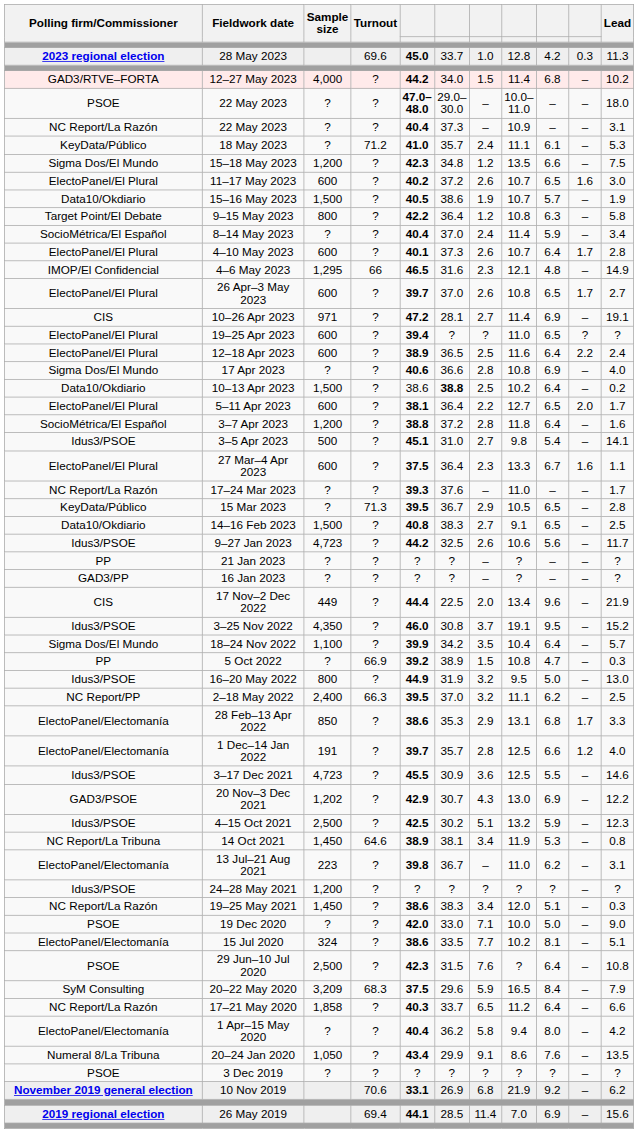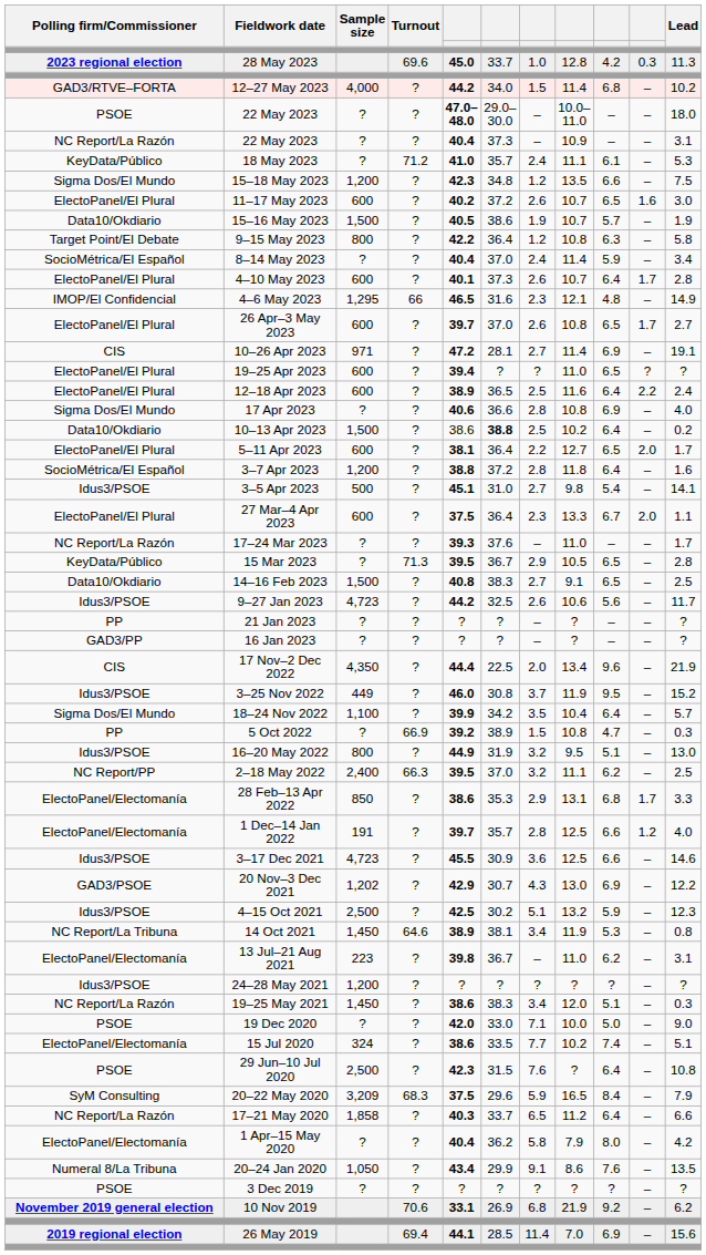 <table class="wikitable collapsible collapsed" style="text-align:center; font-size:95%; line-height:16px;">
 <tr style="height:42px;">
 <th style="width:250px;" rowspan="2">Polling firm/Commissioner</th>
 <th style="width:125px;" rowspan="2">Fieldwork date</th>
 <th style="width:50px;" rowspan="2">Sample size</th>
 <th style="width:45px;" rowspan="2">Turnout</th>
 <th style="width:35px;"></th>
 <th style="width:35px;"></th>
 <th style="width:35px;"></th>
 <th style="width:35px;"></th>
 <th style="width:35px;"></th>
 <th style="width:35px;"></th>
 <th style="width:30px;" rowspan="2">Lead</th>
 </tr>
 <tr>
 <th style="color:inherit;background:"></th>
 <th style="color:inherit;background:"></th>
 <th style="color:inherit;background:"></th>
 <th style="color:inherit;background:"></th>
 <th style="color:inherit;background:"></th>
 <th style="color:inherit;background:"></th>
 </tr>
 <tr>
 <td colspan="11" style="background:#A0A0A0"></td>
 </tr>
 <tr style="background:#EFEFEF;">
 <td><strong><a href='#'>2023 regional election</a></strong></td>
 <td>28 May 2023</td>
 <td></td>
 <td>69.6</td>
 <td><strong>45.0</strong><br></td>
 <td>33.7<br></td>
 <td>1.0<br></td>
 <td>12.8<br></td>
 <td>4.2<br></td>
 <td>0.3<br></td>
 <td style="background:">11.3</td>
 </tr>
 <tr>
 <td colspan="11" style="background:#A0A0A0"></td>
 </tr>
 <tr style="background:#FFEAEA;">
 <td>GAD3/RTVE–FORTA</td>
 <td>12–27 May 2023</td>
 <td>4,000</td>
 <td>?</td>
 <td><strong>44.2</strong><br></td>
 <td>34.0<br></td>
 <td>1.5<br></td>
 <td>11.4<br></td>
 <td>6.8<br></td>
 <td>–</td>
 <td style="background:">10.2</td>
 </tr>
 <tr>
 <td>PSOE</td>
 <td>22 May 2023</td>
 <td>?</td>
 <td>?</td>
 <td><strong>47.0–<br>48.0</strong><br></td>
 <td>29.0–<br>30.0<br></td>
 <td>–</td>
 <td>10.0–<br>11.0<br></td>
 <td>–</td>
 <td>–</td>
 <td style="background:">18.0</td>
 </tr>
 <tr>
 <td>NC Report/La Razón</td>
 <td>22 May 2023</td>
 <td>?</td>
 <td>?</td>
 <td><strong>40.4</strong><br></td>
 <td>37.3<br></td>
 <td>–</td>
 <td>10.9<br></td>
 <td>–</td>
 <td>–</td>
 <td style="background:">3.1</td>
 </tr>
 <tr>
 <td>KeyData/Público</td>
 <td>18 May 2023</td>
 <td>?</td>
 <td>71.2</td>
 <td><strong>41.0</strong><br></td>
 <td>35.7<br></td>
 <td>2.4<br></td>
 <td>11.1<br></td>
 <td>6.1<br></td>
 <td>–</td>
 <td style="background:">5.3</td>
 </tr>
 <tr>
 <td>Sigma Dos/El Mundo</td>
 <td>15–18 May 2023</td>
 <td>1,200</td>
 <td>?</td>
 <td><strong>42.3</strong><br></td>
 <td>34.8<br></td>
 <td>1.2<br></td>
 <td>13.5<br></td>
 <td>6.6<br></td>
 <td>–</td>
 <td style="background:">7.5</td>
 </tr>
 <tr>
 <td>ElectoPanel/El Plural</td>
 <td>11–17 May 2023</td>
 <td>600</td>
 <td>?</td>
 <td><strong>40.2</strong><br></td>
 <td>37.2<br></td>
 <td>2.6<br></td>
 <td>10.7<br></td>
 <td>6.5<br></td>
 <td>1.6<br></td>
 <td style="background:">3.0</td>
 </tr>
 <tr>
 <td>Data10/Okdiario</td>
 <td>15–16 May 2023</td>
 <td>1,500</td>
 <td>?</td>
 <td><strong>40.5</strong><br></td>
 <td>38.6<br></td>
 <td>1.9<br></td>
 <td>10.7<br></td>
 <td>5.7<br></td>
 <td>–</td>
 <td style="background:">1.9</td>
 </tr>
 <tr>
 <td>Target Point/El Debate</td>
 <td>9–15 May 2023</td>
 <td>800</td>
 <td>?</td>
 <td><strong>42.2</strong><br></td>
 <td>36.4<br></td>
 <td>1.2<br></td>
 <td>10.8<br></td>
 <td>6.3<br></td>
 <td>–</td>
 <td style="background:">5.8</td>
 </tr>
 <tr>
 <td>SocioMétrica/El Español</td>
 <td>8–14 May 2023</td>
 <td>?</td>
 <td>?</td>
 <td><strong>40.4</strong><br></td>
 <td>37.0<br></td>
 <td>2.4<br></td>
 <td>11.4<br></td>
 <td>5.9<br></td>
 <td>–</td>
 <td style="background:">3.4</td>
 </tr>
 <tr>
 <td>ElectoPanel/El Plural</td>
 <td>4–10 May 2023</td>
 <td>600</td>
 <td>?</td>
 <td><strong>40.1</strong><br></td>
 <td>37.3<br></td>
 <td>2.6<br></td>
 <td>10.7<br></td>
 <td>6.4<br></td>
 <td>1.7<br></td>
 <td style="background:">2.8</td>
 </tr>
 <tr>
 <td>IMOP/El Confidencial</td>
 <td>4–6 May 2023</td>
 <td>1,295</td>
 <td>66</td>
 <td><strong>46.5</strong><br></td>
 <td>31.6<br></td>
 <td>2.3<br></td>
 <td>12.1<br></td>
 <td>4.8<br></td>
 <td>–</td>
 <td style="background:">14.9</td>
 </tr>
 <tr>
 <td>ElectoPanel/El Plural</td>
 <td>26 Apr–3 May 2023</td>
 <td>600</td>
 <td>?</td>
 <td><strong>39.7</strong><br></td>
 <td>37.0<br></td>
 <td>2.6<br></td>
 <td>10.8<br></td>
 <td>6.5<br></td>
 <td>1.7<br></td>
 <td style="background:">2.7</td>
 </tr>
 <tr>
 <td>CIS</td>
 <td>10–26 Apr 2023</td>
 <td>971</td>
 <td>?</td>
 <td><strong>47.2</strong><br></td>
 <td>28.1<br></td>
 <td>2.7<br></td>
 <td>11.4<br></td>
 <td>6.9<br></td>
 <td>–</td>
 <td style="background:">19.1</td>
 </tr>
 <tr>
 <td>ElectoPanel/El Plural</td>
 <td>19–25 Apr 2023</td>
 <td>600</td>
 <td>?</td>
 <td><strong>39.4</strong><br></td>
 <td>?<br></td>
 <td>?<br></td>
 <td>11.0<br></td>
 <td>6.5<br></td>
 <td>?<br></td>
 <td style="background:">?</td>
 </tr>
 <tr>
 <td>ElectoPanel/El Plural</td>
 <td>12–18 Apr 2023</td>
 <td>600</td>
 <td>?</td>
 <td><strong>38.9</strong><br></td>
 <td>36.5<br></td>
 <td>2.5<br></td>
 <td>11.6<br></td>
 <td>6.4<br></td>
 <td>2.2<br></td>
 <td style="background:">2.4</td>
 </tr>
 <tr>
 <td>Sigma Dos/El Mundo</td>
 <td>17 Apr 2023</td>
 <td>?</td>
 <td>?</td>
 <td><strong>40.6</strong><br></td>
 <td>36.6<br></td>
 <td>2.8<br></td>
 <td>10.8<br></td>
 <td>6.9<br></td>
 <td>–</td>
 <td style="background:">4.0</td>
 </tr>
 <tr>
 <td>Data10/Okdiario</td>
 <td>10–13 Apr 2023</td>
 <td>1,500</td>
 <td>?</td>
 <td>38.6<br></td>
 <td><strong>38.8</strong><br></td>
 <td>2.5<br></td>
 <td>10.2<br></td>
 <td>6.4<br></td>
 <td>–</td>
 <td style="background:">0.2</td>
 </tr>
 <tr>
 <td>ElectoPanel/El Plural</td>
 <td>5–11 Apr 2023</td>
 <td>600</td>
 <td>?</td>
 <td><strong>38.1</strong><br></td>
 <td>36.4<br></td>
 <td>2.2<br></td>
 <td>12.7<br></td>
 <td>6.5<br></td>
 <td>2.0<br></td>
 <td style="background:">1.7</td>
 </tr>
 <tr>
 <td>SocioMétrica/El Español</td>
 <td>3–7 Apr 2023</td>
 <td>1,200</td>
 <td>?</td>
 <td><strong>38.8</strong><br></td>
 <td>37.2<br></td>
 <td>2.8<br></td>
 <td>11.8<br></td>
 <td>6.4<br></td>
 <td>–</td>
 <td style="background:">1.6</td>
 </tr>
 <tr>
 <td>Idus3/PSOE</td>
 <td>3–5 Apr 2023</td>
 <td>500</td>
 <td>?</td>
 <td><strong>45.1</strong><br></td>
 <td>31.0<br></td>
 <td>2.7<br></td>
 <td>9.8<br></td>
 <td>5.4<br></td>
 <td>–</td>
 <td style="background:">14.1</td>
 </tr>
 <tr>
 <td>ElectoPanel/El Plural</td>
 <td>27 Mar–4 Apr 2023</td>
 <td>600</td>
 <td>?</td>
 <td><strong>37.5</strong><br></td>
 <td>36.4<br></td>
 <td>2.3<br></td>
 <td>13.3<br></td>
 <td>6.7<br></td>
-<td>1.6<br></td>
+<td>2.0<br></td>
 <td style="background:">1.1</td>
 </tr>
 <tr>
 <td>NC Report/La Razón</td>
 <td>17–24 Mar 2023</td>
 <td>?</td>
 <td>?</td>
 <td><strong>39.3</strong><br></td>
 <td>37.6<br></td>
 <td>–</td>
 <td>11.0<br></td>
 <td>–</td>
 <td>–</td>
 <td style="background:">1.7</td>
 </tr>
 <tr>
 <td>KeyData/Público</td>
 <td>15 Mar 2023</td>
 <td>?</td>
 <td>71.3</td>
 <td><strong>39.5</strong><br></td>
 <td>36.7<br></td>
 <td>2.9<br></td>
 <td>10.5<br></td>
 <td>6.5<br></td>
 <td>–</td>
 <td style="background:">2.8</td>
 </tr>
 <tr>
 <td>Data10/Okdiario</td>
 <td>14–16 Feb 2023</td>
 <td>1,500</td>
 <td>?</td>
 <td><strong>40.8</strong><br></td>
 <td>38.3<br></td>
 <td>2.7<br></td>
 <td>9.1<br></td>
 <td>6.5<br></td>
 <td>–</td>
 <td style="background:">2.5</td>
 </tr>
 <tr>
 <td>Idus3/PSOE</td>
 <td>9–27 Jan 2023</td>
 <td>4,723</td>
 <td>?</td>
 <td><strong>44.2</strong><br></td>
 <td>32.5<br></td>
 <td>2.6<br></td>
 <td>10.6<br></td>
 <td>5.6<br></td>
 <td>–</td>
 <td style="background:">11.7</td>
 </tr>
 <tr>
 <td>PP</td>
 <td>21 Jan 2023</td>
 <td>?</td>
 <td>?</td>
 <td>?<br></td>
 <td>?<br></td>
 <td>–</td>
 <td>?<br></td>
 <td>–</td>
 <td>–</td>
 <td style="background:">?</td>
 </tr>
 <tr>
 <td>GAD3/PP</td>
 <td>16 Jan 2023</td>
 <td>?</td>
 <td>?</td>
 <td>?<br></td>
 <td>?<br></td>
 <td>–</td>
 <td>?<br></td>
 <td>–</td>
 <td>–</td>
 <td style="background:">?</td>
 </tr>
 <tr>
 <td>CIS</td>
 <td>17 Nov–2 Dec 2022</td>
-<td>449</td>
+<td>4,350</td>
 <td>?</td>
 <td><strong>44.4</strong><br></td>
 <td>22.5<br></td>
 <td>2.0<br></td>
 <td>13.4<br></td>
 <td>9.6<br></td>
 <td>–</td>
 <td style="background:">21.9</td>
 </tr>
 <tr>
 <td>Idus3/PSOE</td>
 <td>3–25 Nov 2022</td>
-<td>4,350</td>
+<td>449</td>
 <td>?</td>
 <td><strong>46.0</strong><br></td>
 <td>30.8<br></td>
 <td>3.7<br></td>
-<td>19.1<br></td>
+<td>11.9<br></td>
 <td>9.5<br></td>
 <td>–</td>
 <td style="background:">15.2</td>
 </tr>
 <tr>
 <td>Sigma Dos/El Mundo</td>
 <td>18–24 Nov 2022</td>
 <td>1,100</td>
 <td>?</td>
 <td><strong>39.9</strong><br></td>
 <td>34.2<br></td>
 <td>3.5<br></td>
 <td>10.4<br></td>
 <td>6.4<br></td>
 <td>–</td>
 <td style="background:">5.7</td>
 </tr>
 <tr>
 <td>PP</td>
 <td>5 Oct 2022</td>
 <td>?</td>
 <td>66.9</td>
 <td><strong>39.2</strong><br></td>
 <td>38.9<br></td>
 <td>1.5<br></td>
 <td>10.8<br></td>
 <td>4.7<br></td>
 <td>–</td>
 <td style="background:">0.3</td>
 </tr>
 <tr>
 <td>Idus3/PSOE</td>
 <td>16–20 May 2022</td>
 <td>800</td>
 <td>?</td>
 <td><strong>44.9</strong><br></td>
 <td>31.9<br></td>
 <td>3.2<br></td>
 <td>9.5<br></td>
-<td>5.0<br></td>
+<td>5.1<br></td>
 <td>–</td>
 <td style="background:">13.0</td>
 </tr>
 <tr>
 <td>NC Report/PP</td>
 <td>2–18 May 2022</td>
 <td>2,400</td>
 <td>66.3</td>
 <td><strong>39.5</strong><br></td>
 <td>37.0<br></td>
 <td>3.2<br></td>
 <td>11.1<br></td>
 <td>6.2<br></td>
 <td>–</td>
 <td style="background:">2.5</td>
 </tr>
 <tr>
 <td>ElectoPanel/Electomanía</td>
 <td>28 Feb–13 Apr 2022</td>
 <td>850</td>
 <td>?</td>
 <td><strong>38.6</strong><br></td>
 <td>35.3<br></td>
 <td>2.9<br></td>
 <td>13.1<br></td>
 <td>6.8<br></td>
 <td>1.7<br></td>
 <td style="background:">3.3</td>
 </tr>
 <tr>
 <td>ElectoPanel/Electomanía</td>
 <td>1 Dec–14 Jan 2022</td>
 <td>191</td>
 <td>?</td>
 <td><strong>39.7</strong><br></td>
 <td>35.7<br></td>
 <td>2.8<br></td>
 <td>12.5<br></td>
 <td>6.6<br></td>
 <td>1.2<br></td>
 <td style="background:">4.0</td>
 </tr>
 <tr>
 <td>Idus3/PSOE</td>
 <td>3–17 Dec 2021</td>
 <td>4,723</td>
 <td>?</td>
 <td><strong>45.5</strong><br></td>
 <td>30.9<br></td>
 <td>3.6<br></td>
 <td>12.5<br></td>
-<td>5.5<br></td>
+<td>6.6<br></td>
 <td>–</td>
 <td style="background:">14.6</td>
 </tr>
 <tr>
 <td>GAD3/PSOE</td>
 <td>20 Nov–3 Dec 2021</td>
 <td>1,202</td>
 <td>?</td>
 <td><strong>42.9</strong><br></td>
 <td>30.7<br></td>
 <td>4.3<br></td>
 <td>13.0<br></td>
 <td>6.9<br></td>
 <td>–</td>
 <td style="background:">12.2</td>
 </tr>
 <tr>
 <td>Idus3/PSOE</td>
 <td>4–15 Oct 2021</td>
 <td>2,500</td>
 <td>?</td>
 <td><strong>42.5</strong><br></td>
 <td>30.2<br></td>
 <td>5.1<br></td>
 <td>13.2<br></td>
 <td>5.9<br></td>
 <td>–</td>
 <td style="background:">12.3</td>
 </tr>
 <tr>
 <td>NC Report/La Tribuna</td>
 <td>14 Oct 2021</td>
 <td>1,450</td>
 <td>64.6</td>
 <td><strong>38.9</strong><br></td>
 <td>38.1<br></td>
 <td>3.4<br></td>
 <td>11.9<br></td>
 <td>5.3<br></td>
 <td>–</td>
 <td style="background:">0.8</td>
 </tr>
 <tr>
 <td>ElectoPanel/Electomanía</td>
 <td>13 Jul–21 Aug 2021</td>
 <td>223</td>
 <td>?</td>
 <td><strong>39.8</strong><br></td>
 <td>36.7<br></td>
 <td>–</td>
 <td>11.0<br></td>
 <td>6.2<br></td>
 <td>–</td>
 <td style="background:">3.1</td>
 </tr>
 <tr>
 <td>Idus3/PSOE</td>
 <td>24–28 May 2021</td>
 <td>1,200</td>
 <td>?</td>
 <td>?<br></td>
 <td>?<br></td>
 <td>?<br></td>
 <td>?<br></td>
 <td>?<br></td>
 <td>–</td>
 <td style="background:">?</td>
 </tr>
 <tr>
 <td>NC Report/La Razón</td>
 <td>19–25 May 2021</td>
 <td>1,450</td>
 <td>?</td>
 <td><strong>38.6</strong><br></td>
 <td>38.3<br></td>
 <td>3.4<br></td>
 <td>12.0<br></td>
 <td>5.1<br></td>
 <td>–</td>
 <td style="background:">0.3</td>
 </tr>
 <tr>
 <td>PSOE</td>
 <td>19 Dec 2020</td>
 <td>?</td>
 <td>?</td>
 <td><strong>42.0</strong><br></td>
 <td>33.0<br></td>
 <td>7.1<br></td>
 <td>10.0<br></td>
 <td>5.0<br></td>
 <td>–</td>
 <td style="background:">9.0</td>
 </tr>
 <tr>
 <td>ElectoPanel/Electomanía</td>
 <td>15 Jul 2020</td>
 <td>324</td>
 <td>?</td>
 <td><strong>38.6</strong><br></td>
 <td>33.5<br></td>
 <td>7.7<br></td>
 <td>10.2<br></td>
-<td>8.1<br></td>
+<td>7.4<br></td>
 <td>–</td>
 <td style="background:">5.1</td>
 </tr>
 <tr>
 <td>PSOE</td>
 <td>29 Jun–10 Jul 2020</td>
 <td>2,500</td>
 <td>?</td>
 <td><strong>42.3</strong><br></td>
 <td>31.5<br></td>
 <td>7.6<br></td>
 <td>?<br></td>
 <td>6.4<br></td>
 <td>–</td>
 <td style="background:">10.8</td>
 </tr>
 <tr>
 <td>SyM Consulting</td>
 <td>20–22 May 2020</td>
 <td>3,209</td>
 <td>68.3</td>
 <td><strong>37.5</strong><br></td>
 <td>29.6<br></td>
 <td>5.9<br></td>
 <td>16.5<br></td>
 <td>8.4<br></td>
 <td>–</td>
 <td style="background:">7.9</td>
 </tr>
 <tr>
 <td>NC Report/La Razón</td>
 <td>17–21 May 2020</td>
 <td>1,858</td>
 <td>?</td>
 <td><strong>40.3</strong><br></td>
 <td>33.7<br></td>
 <td>6.5<br></td>
 <td>11.2<br></td>
 <td>6.4<br></td>
 <td>–</td>
 <td style="background:">6.6</td>
 </tr>
 <tr>
 <td>ElectoPanel/Electomanía</td>
 <td>1 Apr–15 May 2020</td>
 <td>?</td>
 <td>?</td>
 <td><strong>40.4</strong><br></td>
 <td>36.2<br></td>
 <td>5.8<br></td>
-<td>9.4<br></td>
+<td>7.9<br></td>
 <td>8.0<br></td>
 <td>–</td>
 <td style="background:">4.2</td>
 </tr>
 <tr>
 <td>Numeral 8/La Tribuna</td>
 <td>20–24 Jan 2020</td>
 <td>1,050</td>
 <td>?</td>
 <td><strong>43.4</strong><br></td>
 <td>29.9<br></td>
 <td>9.1<br></td>
 <td>8.6<br></td>
 <td>7.6<br></td>
 <td>–</td>
 <td style="background:">13.5</td>
 </tr>
 <tr>
 <td>PSOE</td>
 <td>3 Dec 2019</td>
 <td>?</td>
 <td>?</td>
 <td>?<br></td>
 <td>?<br></td>
 <td>?<br></td>
 <td>?<br></td>
 <td>?<br></td>
 <td>–</td>
 <td style="background:">?</td>
 </tr>
 <tr style="background:#EFEFEF;">
 <td><strong><a href='#'>November 2019 general election</a></strong></td>
 <td>10 Nov 2019</td>
 <td></td>
 <td>70.6</td>
 <td><strong>33.1</strong><br></td>
 <td>26.9<br></td>
 <td>6.8<br></td>
 <td>21.9<br></td>
 <td>9.2<br></td>
 <td>–</td>
 <td style="background:">6.2</td>
 </tr>
 <tr>
 <td colspan="11" style="background:#A0A0A0"></td>
 </tr>
 <tr style="background:#EFEFEF;">
 <td><strong><a href='#'>2019 regional election</a></strong></td>
 <td>26 May 2019</td>
 <td></td>
 <td>69.4</td>
 <td><strong>44.1</strong><br></td>
 <td>28.5<br></td>
 <td>11.4<br></td>
 <td>7.0<br></td>
 <td>6.9<br></td>
 <td>–</td>
 <td style="background:">15.6</td>
 </tr>
 <tr>
 <td colspan="11" style="background:#A0A0A0"></td>
 </tr>
 </table>
